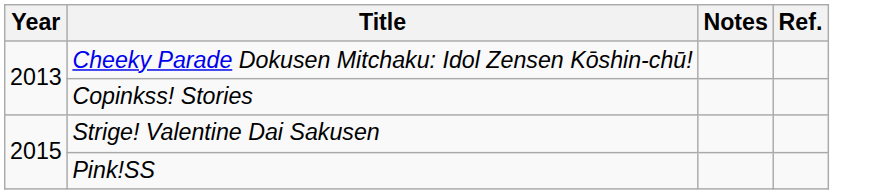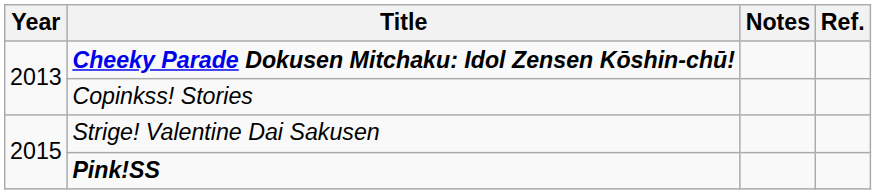 <table class="wikitable">
 <tr>
 <th>Year</th>
 <th>Title</th>
 <th>Notes</th>
 <th>Ref.</th>
 </tr>
 <tr>
 <td rowspan="2">2013</td>
-<td><em><a href='#'>Cheeky Parade</a> Dokusen Mitchaku: Idol Zensen Kōshin-chū!</em></td>
+<td><strong><em><a href='#'>Cheeky Parade</a> Dokusen Mitchaku: Idol Zensen Kōshin-chū!</em></strong></td>
 <td></td>
 <td></td>
 </tr>
 <tr>
 <td><em>Copinkss! Stories</em></td>
 <td></td>
 <td></td>
 </tr>
 <tr>
 <td rowspan="2">2015</td>
 <td><em>Strige! Valentine Dai Sakusen</em></td>
 <td></td>
 <td></td>
 </tr>
 <tr>
-<td><em>Pink!SS</em></td>
+<td><strong><em>Pink!SS</em></strong></td>
 <td></td>
 <td></td>
 </tr>
 </table>
